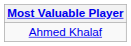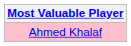 <table class=wikitable style="text-align:center; margin:auto">
 <tr>
 <th><a href='#'>Most Valuable Player</a></th>
 </tr>
 <tr>
-<td> <a href='#'>Ahmed Khalaf</a></td>
+<td style="background: pink;"> <a href='#'>Ahmed Khalaf</a></td>
 </tr>
 </table>
